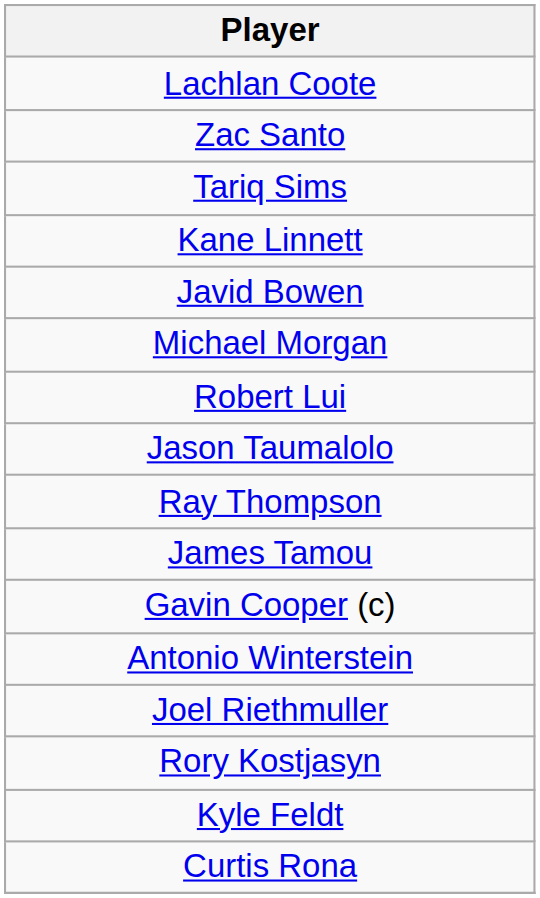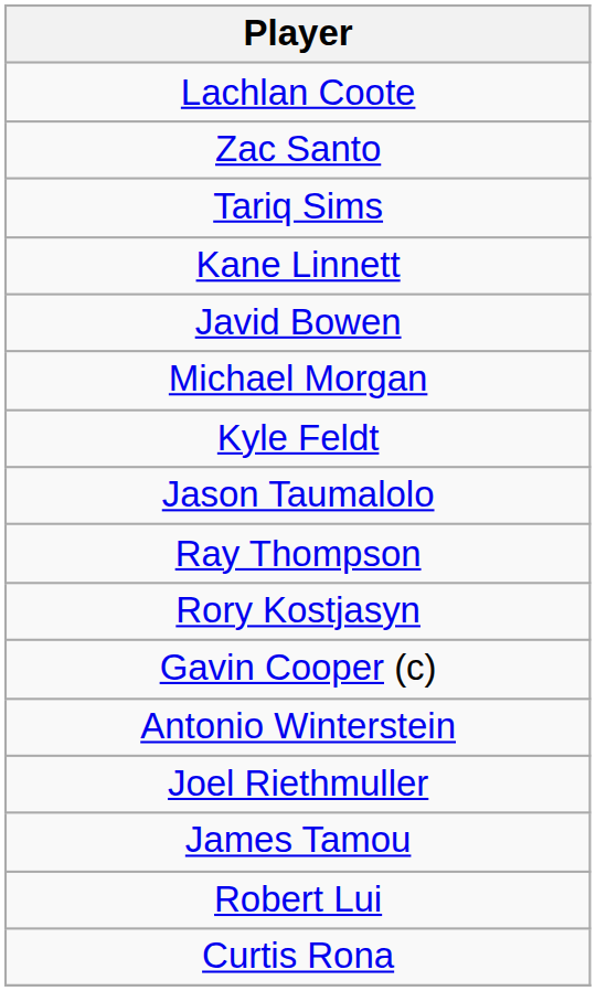 <table class="wikitable" style="text-align: center;">
 <tr>
 <th style="width:250px;">Player</th>
 </tr>
 <tr>
 <td><a href='#'>Lachlan Coote</a></td>
 </tr>
 <tr>
 <td><a href='#'>Zac Santo</a></td>
 </tr>
 <tr>
 <td><a href='#'>Tariq Sims</a></td>
 </tr>
 <tr>
 <td><a href='#'>Kane Linnett</a></td>
 </tr>
 <tr>
 <td><a href='#'>Javid Bowen</a></td>
 </tr>
 <tr>
 <td><a href='#'>Michael Morgan</a></td>
 </tr>
 <tr>
-<td><a href='#'>Robert Lui</a></td>
+<td><a href='#'>Kyle Feldt</a></td>
 </tr>
 <tr>
 <td><a href='#'>Jason Taumalolo</a></td>
 </tr>
 <tr>
 <td><a href='#'>Ray Thompson</a></td>
 </tr>
 <tr>
-<td><a href='#'>James Tamou</a></td>
+<td><a href='#'>Rory Kostjasyn</a></td>
 </tr>
 <tr>
 <td><a href='#'>Gavin Cooper</a> (c)</td>
 </tr>
 <tr>
 <td><a href='#'>Antonio Winterstein</a></td>
 </tr>
 <tr>
 <td><a href='#'>Joel Riethmuller</a></td>
 </tr>
 <tr>
-<td><a href='#'>Rory Kostjasyn</a></td>
+<td><a href='#'>James Tamou</a></td>
 </tr>
 <tr>
-<td><a href='#'>Kyle Feldt</a></td>
+<td><a href='#'>Robert Lui</a></td>
 </tr>
 <tr>
 <td><a href='#'>Curtis Rona</a></td>
 </tr>
 <tr>
 </tr>
 </table>
